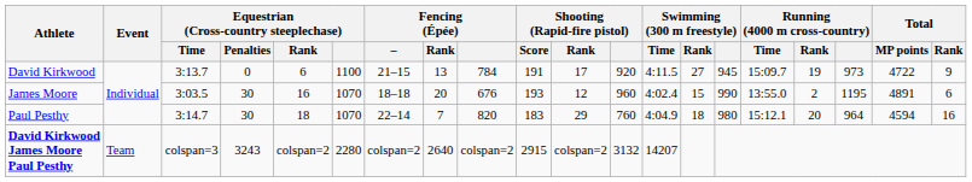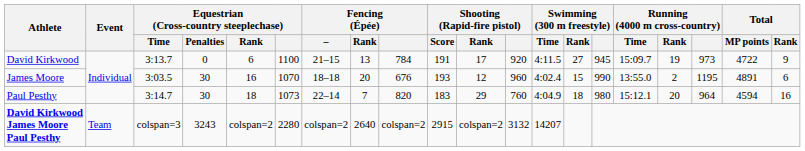 <table class=wikitable style=font-size:90%;text-align:center>
 <tr>
 <th rowspan=2>Athlete</th>
 <th rowspan=2>Event</th>
 <th colspan=4>Equestrian<br><span>(Cross-country steeplechase)</span></th>
 <th colspan=3>Fencing<br><span>(Épée)</span></th>
 <th colspan=3>Shooting<br><span>(Rapid-fire pistol)</span></th>
 <th colspan=3>Swimming<br><span>(300 m freestyle)</span></th>
 <th colspan=3>Running<br><span>(4000 m cross-country)</span></th>
 <th colspan=2>Total</th>
 </tr>
 <tr style=font-size:95%>
 <th>Time</th>
 <th>Penalties</th>
 <th>Rank</th>
 <th></th>
 <th>–</th>
 <th>Rank</th>
 <th></th>
 <th>Score</th>
 <th>Rank</th>
 <th></th>
 <th>Time</th>
 <th>Rank</th>
 <th></th>
 <th>Time</th>
 <th>Rank</th>
 <th></th>
 <th>MP points</th>
 <th>Rank</th>
 </tr>
 <tr>
 <td align=left><a href='#'>David Kirkwood</a></td>
 <td align=left rowspan=3><a href='#'>Individual</a></td>
 <td>3:13.7</td>
 <td>0</td>
 <td>6</td>
 <td>1100</td>
 <td>21–15</td>
 <td>13</td>
 <td>784</td>
 <td>191</td>
 <td>17</td>
 <td>920</td>
 <td>4:11.5</td>
 <td>27</td>
 <td>945</td>
 <td>15:09.7</td>
 <td>19</td>
 <td>973</td>
 <td>4722</td>
 <td>9</td>
 </tr>
 <tr>
 <td align=left><a href='#'>James Moore</a></td>
 <td>3:03.5</td>
 <td>30</td>
 <td>16</td>
 <td>1070</td>
 <td>18–18</td>
 <td>20</td>
 <td>676</td>
 <td>193</td>
 <td>12</td>
 <td>960</td>
 <td>4:02.4</td>
 <td>15</td>
 <td>990</td>
 <td>13:55.0</td>
 <td>2</td>
 <td>1195</td>
 <td>4891</td>
 <td>6</td>
 </tr>
 <tr>
 <td align=left><a href='#'>Paul Pesthy</a></td>
 <td>3:14.7</td>
 <td>30</td>
 <td>18</td>
-<td>1070</td>
+<td>1073</td>
 <td>22–14</td>
 <td>7</td>
 <td>820</td>
 <td>183</td>
 <td>29</td>
 <td>760</td>
 <td>4:04.9</td>
 <td>18</td>
 <td>980</td>
 <td>15:12.1</td>
 <td>20</td>
 <td>964</td>
 <td>4594</td>
 <td>16</td>
 </tr>
 <tr>
 <td align=left><strong><a href='#'>David Kirkwood</a><br><a href='#'>James Moore</a><br><a href='#'>Paul Pesthy</a></strong></td>
 <td align=left><a href='#'>Team</a></td>
 <td>colspan=3 </td>
 <td>3243</td>
 <td>colspan=2 </td>
 <td>2280</td>
 <td>colspan=2 </td>
 <td>2640</td>
 <td>colspan=2 </td>
 <td>2915</td>
 <td>colspan=2 </td>
 <td>3132</td>
 <td>14207</td>
 <td></td>
 </tr>
 </table>
